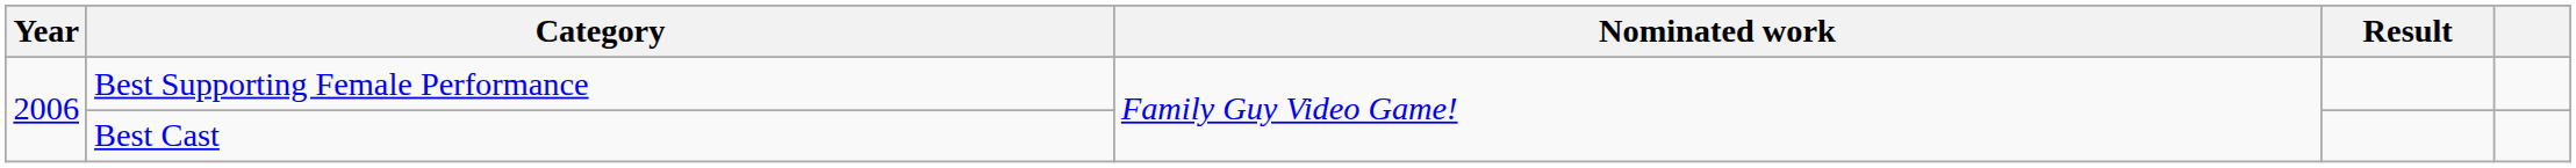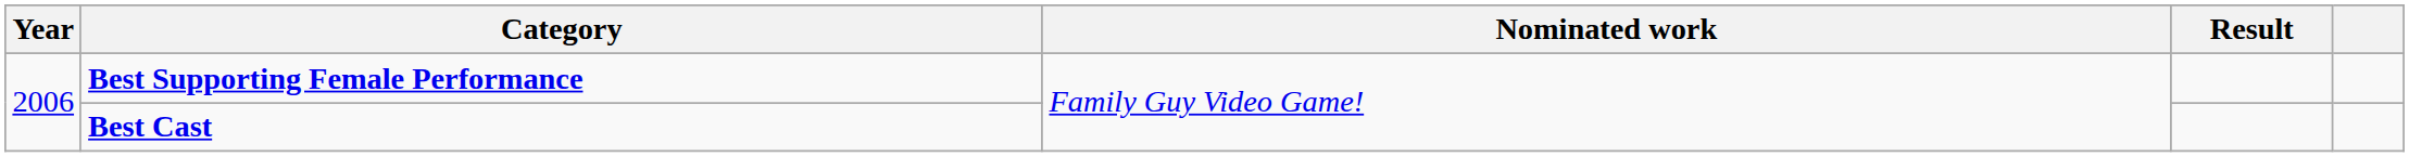 <table class="wikitable sortable">
 <tr>
 <th scope="col" style="width:1em;">Year</th>
 <th scope="col" style="width:33em;">Category</th>
 <th scope="col" style="width:39em;">Nominated work</th>
 <th scope="col" style="width:5em;">Result</th>
 <th scope="col" style="width:2em;" class="unsortable"></th>
 </tr>
 <tr>
 <td rowspan="2"><a href='#'>2006</a></td>
-<td><a href='#'>Best Supporting Female Performance</a></td>
+<td><strong><a href='#'>Best Supporting Female Performance</a></strong></td>
 <td rowspan="2"><em><a href='#'>Family Guy Video Game!</a></em></td>
 <td></td>
 <td style="text-align:center;"></td>
 </tr>
 <tr>
-<td><a href='#'>Best Cast</a> </td>
+<td><strong><a href='#'>Best Cast</a> </strong></td>
 <td></td>
 <td style="text-align:center;"></td>
 </tr>
 </table>
